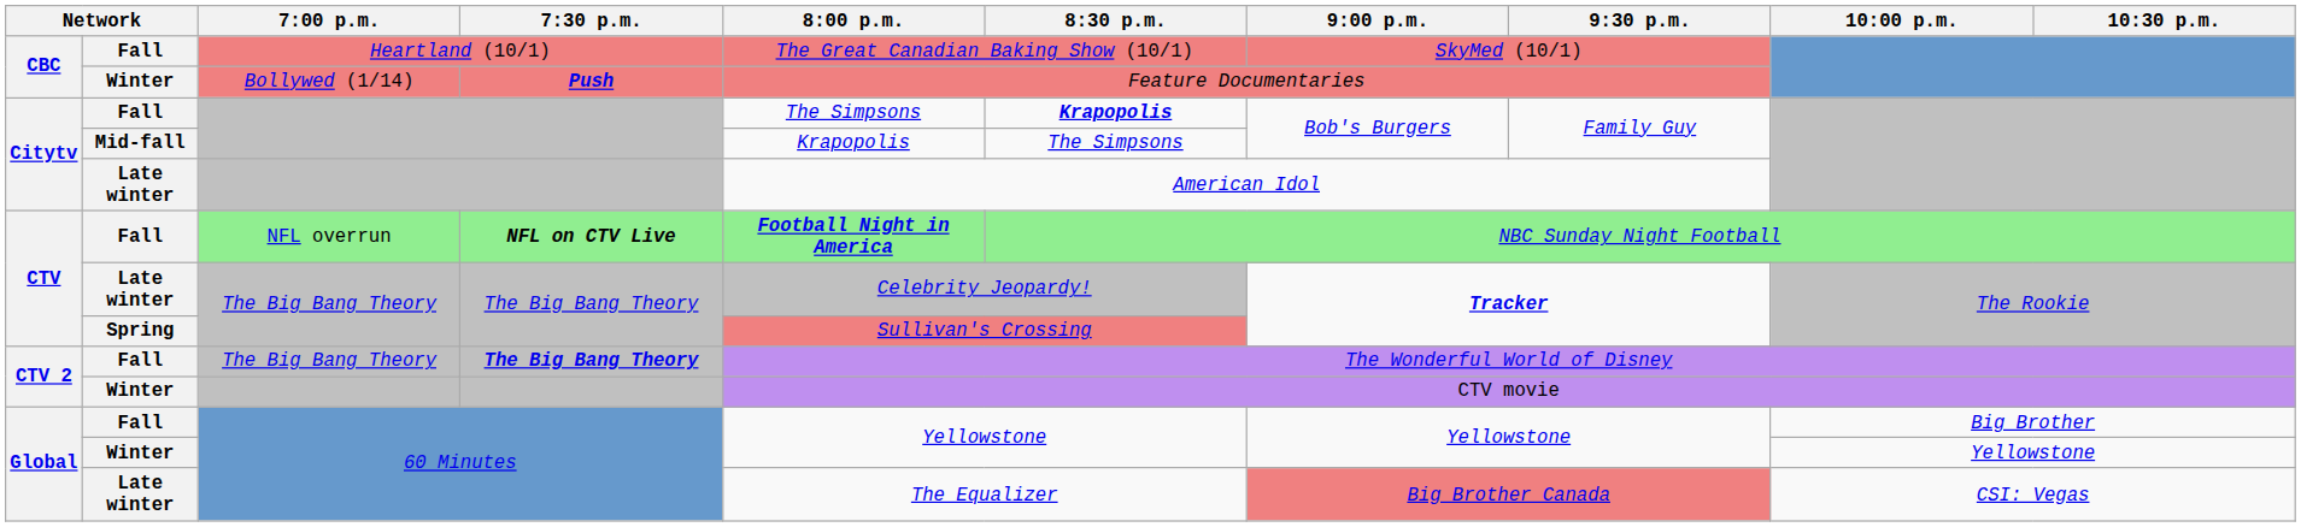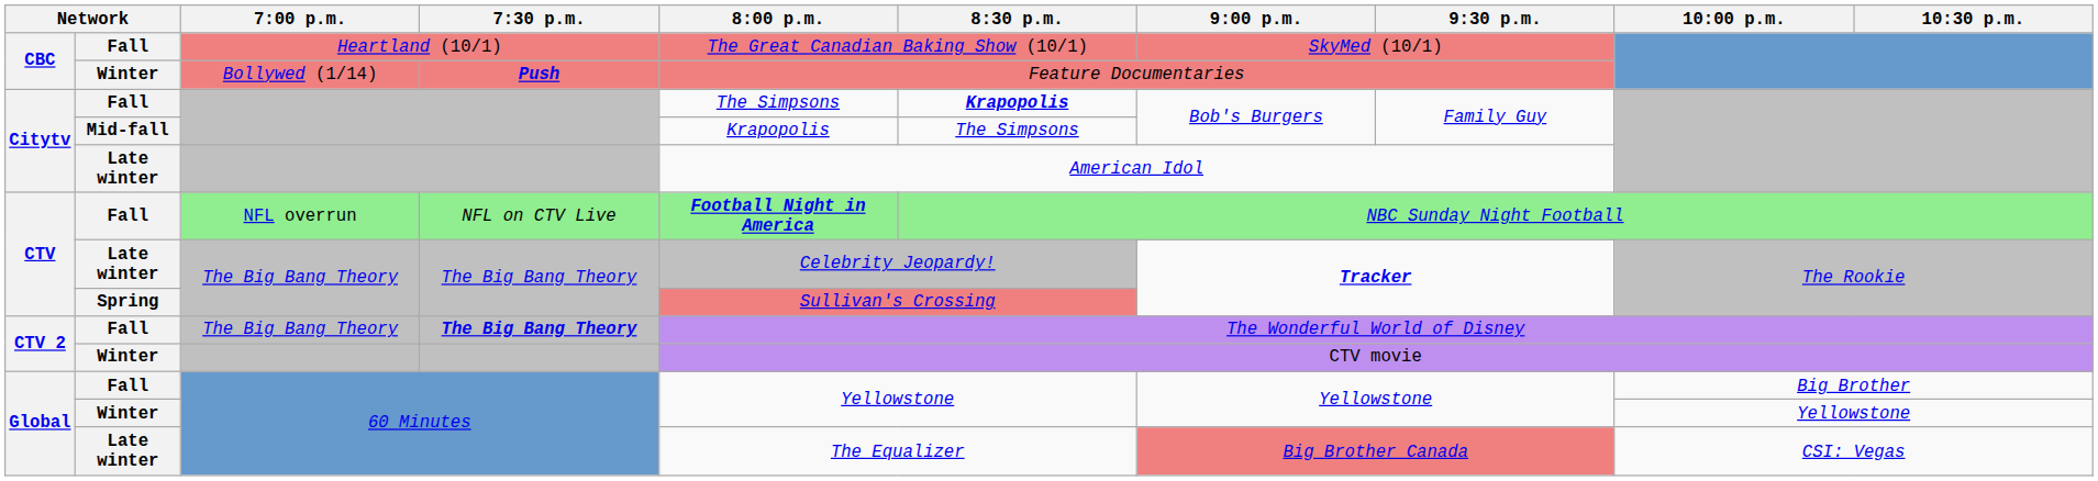 <table class=wikitable style=width:100%;margin-right:0;text-align:center>
 <tr>
 <th style=width:8% colspan=2>Network</th>
 <th style=width:11.5%>7:00 p.m.</th>
 <th style=width:11.5%>7:30 p.m.</th>
 <th style=width:11.5%>8:00 p.m.</th>
 <th style=width:11.5%>8:30 p.m.</th>
 <th style=width:11.5%>9:00 p.m.</th>
 <th style=width:11.5%>9:30 p.m.</th>
 <th style=width:11.5%>10:00 p.m.</th>
 <th style=width:11.5%>10:30 p.m.</th>
 </tr>
 <tr>
 <th rowspan=2><a href='#'>CBC</a></th>
 <th>Fall</th>
 <td colspan=2 style=background:#F08080><em><a href='#'>Heartland</a></em> (10/1)</td>
 <td colspan=2 style=background:#F08080><em><a href='#'>The Great Canadian Baking Show</a></em> (10/1)</td>
 <td colspan=2 style=background:#F08080><em><a href='#'>SkyMed</a></em> (10/1)</td>
 <td colspan=2 style=background:#6699CC rowspan=2></td>
 </tr>
 <tr>
 <th>Winter</th>
 <td style=background:#F08080><em><a href='#'>Bollywed</a></em> (1/14)</td>
 <td style=background:#F08080><strong><em><a href='#'>Push</a></em> </strong></td>
 <td colspan=4 style=background:#F08080><em>Feature Documentaries</em> </td>
 </tr>
 <tr>
 <th rowspan=3><a href='#'>Citytv</a></th>
 <th>Fall</th>
 <td colspan=2 style=background:#C0C0C0 rowspan=2> </td>
 <td><em><a href='#'>The Simpsons</a></em> </td>
 <td><strong><em><a href='#'>Krapopolis</a></em></strong> </td>
 <td rowspan=2><em><a href='#'>Bob's Burgers</a></em> </td>
 <td rowspan=2><em><a href='#'>Family Guy</a></em> </td>
 <td colspan=2 style=background:#C0C0C0 rowspan=3> </td>
 </tr>
 <tr>
 <th>Mid-fall</th>
 <td><em><a href='#'>Krapopolis</a></em> </td>
 <td><em><a href='#'>The Simpsons</a></em> </td>
 </tr>
 <tr>
 <th>Late winter</th>
 <td colspan=2 style=background:#C0C0C0> </td>
 <td colspan=4><em><a href='#'>American Idol</a></em> </td>
 </tr>
 <tr>
 <th rowspan=3><a href='#'>CTV</a></th>
 <th>Fall</th>
 <td style=background:lightgreen><a href='#'>NFL</a> overrun </td>
-<td style=background:lightgreen><strong><em>NFL on CTV Live</em></strong></td>
+<td style=background:lightgreen><em>NFL on CTV Live</em></td>
 <td style=background:lightgreen><strong><em><a href='#'>Football Night in America</a></em></strong></td>
 <td colspan=5 style=background:lightgreen><em><a href='#'>NBC Sunday Night Football</a></em></td>
 </tr>
 <tr>
 <th>Late winter</th>
 <td style=background:#C0C0C0 rowspan=2><em><a href='#'>The Big Bang Theory</a></em> </td>
 <td style=background:#C0C0C0 rowspan=2><em><a href='#'>The Big Bang Theory</a></em> </td>
 <td colspan=2 style=background:#C0C0C0><em><a href='#'>Celebrity Jeopardy!</a></em> </td>
 <td colspan=2 rowspan=2><strong><em><a href='#'>Tracker</a></em></strong> </td>
 <td colspan=2 style=background:#C0C0C0 rowspan=2><em><a href='#'>The Rookie</a></em> </td>
 </tr>
 <tr>
 <th>Spring</th>
 <td colspan=2 style=background:#F08080><em><a href='#'>Sullivan's Crossing</a></em> </td>
 </tr>
 <tr>
 <th rowspan=2><a href='#'>CTV 2</a></th>
 <th>Fall</th>
 <td style=background:#C0C0C0><em><a href='#'>The Big Bang Theory</a></em> </td>
 <td style=background:#C0C0C0><strong><em><a href='#'>The Big Bang Theory</a></em> </strong></td>
 <td colspan=6 style=background:#bf8fef><em><a href='#'>The Wonderful World of Disney</a></em>  </td>
 </tr>
 <tr>
 <th>Winter</th>
 <td style=background:#C0C0C0> </td>
 <td style=background:#C0C0C0> </td>
 <td colspan=6 style=background:#bf8fef>CTV movie</td>
 </tr>
 <tr>
 <th rowspan=3><a href='#'>Global</a></th>
 <th>Fall</th>
 <td style=background:#6699CC colspan=2 rowspan=3><em><a href='#'>60 Minutes</a></em> </td>
 <td colspan=2 rowspan=2><em><a href='#'>Yellowstone</a></em> </td>
 <td colspan=2 rowspan=2><em><a href='#'>Yellowstone</a></em> </td>
 <td colspan=2><em><a href='#'>Big Brother</a></em> </td>
 </tr>
 <tr>
 <th>Winter</th>
 <td colspan=2><em><a href='#'>Yellowstone</a></em></td>
 </tr>
 <tr>
 <th>Late winter</th>
 <td colspan=2><em><a href='#'>The Equalizer</a></em> </td>
 <td colspan=2 style=background:#F08080><em><a href='#'>Big Brother Canada</a></em></td>
 <td colspan=2><em><a href='#'>CSI: Vegas</a></em> </td>
 </tr>
 </table>
